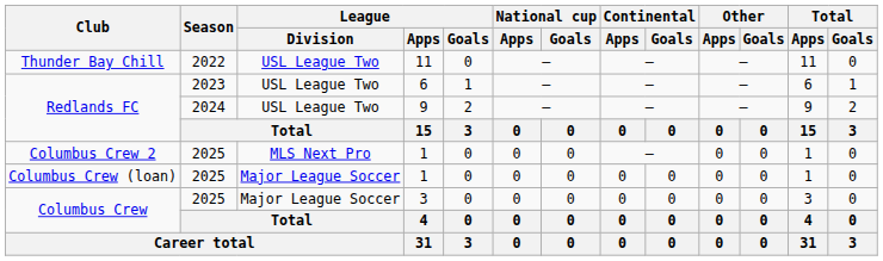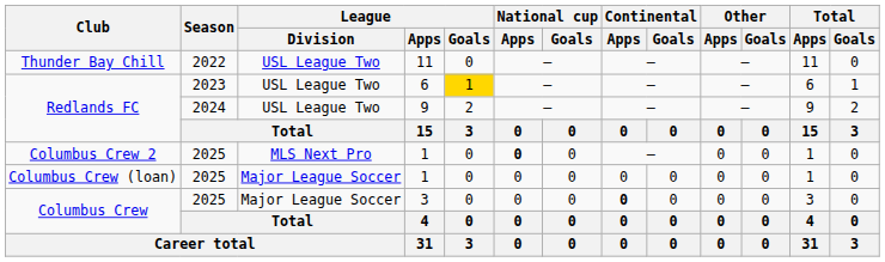 <table class="wikitable" style="text-align:center">
 <tr>
 <th rowspan="2">Club</th>
 <th rowspan="2">Season</th>
 <th colspan="3">League</th>
 <th colspan="2">National cup</th>
 <th colspan="2">Continental</th>
 <th colspan="2">Other</th>
 <th colspan="2">Total</th>
 </tr>
 <tr>
 <th>Division</th>
 <th>Apps</th>
 <th>Goals</th>
 <th>Apps</th>
 <th>Goals</th>
 <th>Apps</th>
 <th>Goals</th>
 <th>Apps</th>
 <th>Goals</th>
 <th>Apps</th>
 <th>Goals</th>
 </tr>
 <tr>
 <td><a href='#'>Thunder Bay Chill</a></td>
 <td>2022</td>
 <td><a href='#'>USL League Two</a></td>
 <td>11</td>
 <td>0</td>
 <td colspan="2">—</td>
 <td colspan="2">—</td>
 <td colspan="2">—</td>
 <td>11</td>
 <td>0</td>
 </tr>
 <tr>
 <td rowspan="3"><a href='#'>Redlands FC</a></td>
 <td>2023</td>
 <td>USL League Two</td>
 <td>6</td>
-<td>1</td>
+<td style="background: gold;">1</td>
 <td colspan="2">—</td>
 <td colspan="2">—</td>
 <td colspan="2">—</td>
 <td>6</td>
 <td>1</td>
 </tr>
 <tr>
 <td>2024</td>
 <td>USL League Two</td>
 <td>9</td>
 <td>2</td>
 <td colspan="2">—</td>
 <td colspan="2">—</td>
 <td colspan="2">—</td>
 <td>9</td>
 <td>2</td>
 </tr>
 <tr>
 <th colspan="2">Total</th>
 <th>15</th>
 <th>3</th>
 <th>0</th>
 <th>0</th>
 <th>0</th>
 <th>0</th>
 <th>0</th>
 <th>0</th>
 <th>15</th>
 <th>3</th>
 </tr>
 <tr>
 <td><a href='#'>Columbus Crew 2</a></td>
 <td>2025</td>
 <td><a href='#'>MLS Next Pro</a></td>
 <td>1</td>
 <td>0</td>
-<td>0</td>
+<td><strong>0</strong></td>
 <td>0</td>
 <td colspan="2">—</td>
 <td>0</td>
 <td>0</td>
 <td>1</td>
 <td>0</td>
 </tr>
 <tr>
 <td><a href='#'>Columbus Crew</a> (loan)</td>
 <td>2025</td>
 <td><a href='#'>Major League Soccer</a></td>
 <td>1</td>
 <td>0</td>
 <td>0</td>
 <td>0</td>
 <td>0</td>
 <td>0</td>
 <td>0</td>
 <td>0</td>
 <td>1</td>
 <td>0</td>
 </tr>
 <tr>
 <td rowspan="2"><a href='#'>Columbus Crew</a></td>
 <td>2025</td>
 <td>Major League Soccer</td>
 <td>3</td>
 <td>0</td>
 <td>0</td>
 <td>0</td>
-<td>0</td>
+<td><strong>0</strong></td>
 <td>0</td>
 <td>0</td>
 <td>0</td>
 <td>3</td>
 <td>0</td>
 </tr>
 <tr>
 <th colspan="2">Total</th>
 <th>4</th>
 <th>0</th>
 <th>0</th>
 <th>0</th>
 <th>0</th>
 <th>0</th>
 <th>0</th>
 <th>0</th>
 <th>4</th>
 <th>0</th>
 </tr>
 <tr>
 <th colspan="3">Career total</th>
 <th>31</th>
 <th>3</th>
 <th>0</th>
 <th>0</th>
 <th>0</th>
 <th>0</th>
 <th>0</th>
 <th>0</th>
 <th>31</th>
 <th>3</th>
 </tr>
 </table>
